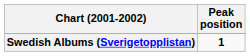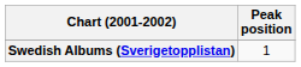 <table class="wikitable plainrowheaders" style="text-align:center">
 <tr>
 <th align="left">Chart (2001-2002)</th>
 <th align="center">Peak<br>position</th>
 </tr>
 <tr>
 </tr>
 <tr>
 <th scope="row">Swedish Albums (<a href='#'>Sverigetopplistan</a>)</th>
-<td><strong>1</strong></td>
+<td>1</td>
 </tr>
 </table>
